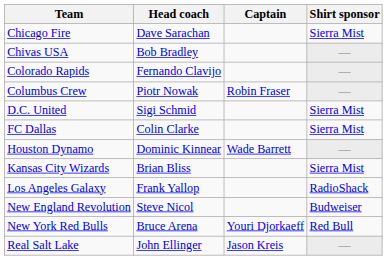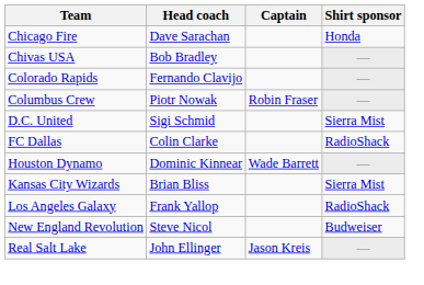 <table class="wikitable sortable" style="text-align: left;">
 <tr>
 <th>Team</th>
 <th>Head coach</th>
 <th>Captain</th>
 <th>Shirt sponsor</th>
 </tr>
 <tr>
 <td><a href='#'>Chicago Fire</a></td>
 <td> <a href='#'>Dave Sarachan</a></td>
 <td></td>
-<td><a href='#'>Sierra Mist</a></td>
+<td><a href='#'>Honda</a></td>
 </tr>
 <tr>
 <td><a href='#'>Chivas USA</a></td>
 <td> <a href='#'>Bob Bradley</a></td>
 <td></td>
 <td align="center" colspan="1" style="background:#ececec; color:gray">—</td>
 </tr>
 <tr>
 <td><a href='#'>Colorado Rapids</a></td>
 <td> <a href='#'>Fernando Clavijo</a></td>
 <td></td>
 <td align="center" colspan="1" style="background:#ececec; color:gray">—</td>
 </tr>
 <tr>
 <td><a href='#'>Columbus Crew</a></td>
 <td> <a href='#'>Piotr Nowak</a></td>
 <td> <a href='#'>Robin Fraser</a></td>
 <td align="center" colspan="1" style="background:#ececec; color:gray">—</td>
 </tr>
 <tr>
 <td><a href='#'>D.C. United</a></td>
 <td> <a href='#'>Sigi Schmid</a></td>
 <td></td>
 <td><a href='#'>Sierra Mist</a></td>
 </tr>
 <tr>
 <td><a href='#'>FC Dallas</a></td>
 <td> <a href='#'>Colin Clarke</a></td>
 <td></td>
-<td><a href='#'>Sierra Mist</a></td>
+<td><a href='#'>RadioShack</a></td>
 </tr>
 <tr>
 <td><a href='#'>Houston Dynamo</a></td>
 <td> <a href='#'>Dominic Kinnear</a></td>
 <td> <a href='#'>Wade Barrett</a></td>
 <td align="center" colspan="1" style="background:#ececec; color:gray">—</td>
 </tr>
 <tr>
 <td><a href='#'>Kansas City Wizards</a></td>
 <td> <a href='#'>Brian Bliss</a></td>
 <td></td>
 <td><a href='#'>Sierra Mist</a></td>
 </tr>
 <tr>
 <td><a href='#'>Los Angeles Galaxy</a></td>
 <td> <a href='#'>Frank Yallop</a></td>
 <td></td>
 <td><a href='#'>RadioShack</a></td>
 </tr>
 <tr>
 <td><a href='#'>New England Revolution</a></td>
 <td> <a href='#'>Steve Nicol</a></td>
 <td></td>
 <td><a href='#'>Budweiser</a></td>
 </tr>
 <tr>
-<td><a href='#'>New York Red Bulls</a></td>
-<td> <a href='#'>Bruce Arena</a></td>
-<td> <a href='#'>Youri Djorkaeff</a></td>
-<td><a href='#'>Red Bull</a></td>
-</tr>
-<tr>
 <td><a href='#'>Real Salt Lake</a></td>
 <td> <a href='#'>John Ellinger</a></td>
 <td> <a href='#'>Jason Kreis</a></td>
 <td align="center" colspan="1" style="background:#ececec; color:gray">—</td>
 </tr>
 </table>
